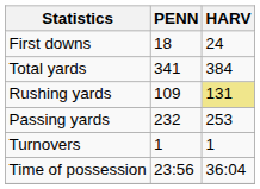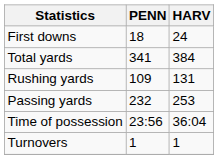 <table class="wikitable" style="float: left;">
 <tr>
 <th>Statistics</th>
 <th>PENN</th>
 <th>HARV</th>
 </tr>
 <tr>
 <td>First downs</td>
 <td>18</td>
 <td>24</td>
 </tr>
 <tr>
 <td>Total yards</td>
 <td>341</td>
 <td>384</td>
 </tr>
 <tr>
 <td>Rushing yards</td>
 <td>109</td>
-<td style="background: khaki;">131</td>
+<td>131</td>
 </tr>
 <tr>
 <td>Passing yards</td>
 <td>232</td>
 <td>253</td>
 </tr>
 <tr>
+<td>Time of possession</td>
+<td>23:56</td>
+<td>36:04</td>
+</tr>
+<tr>
 <td>Turnovers</td>
 <td>1</td>
 <td>1</td>
 </tr>
 <tr>
-<td>Time of possession</td>
-<td>23:56</td>
-<td>36:04</td>
-</tr>
-<tr>
 </tr>
 </table>
